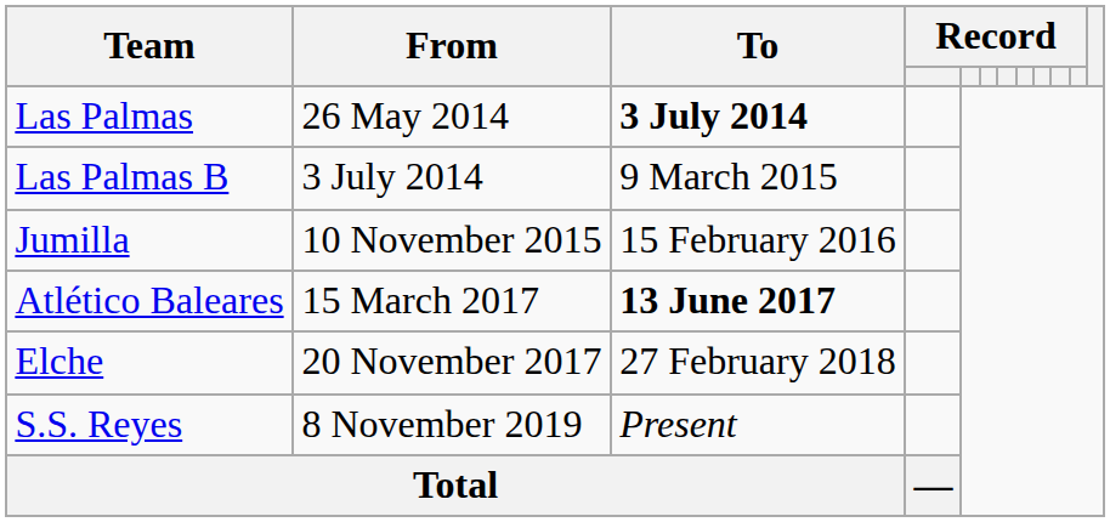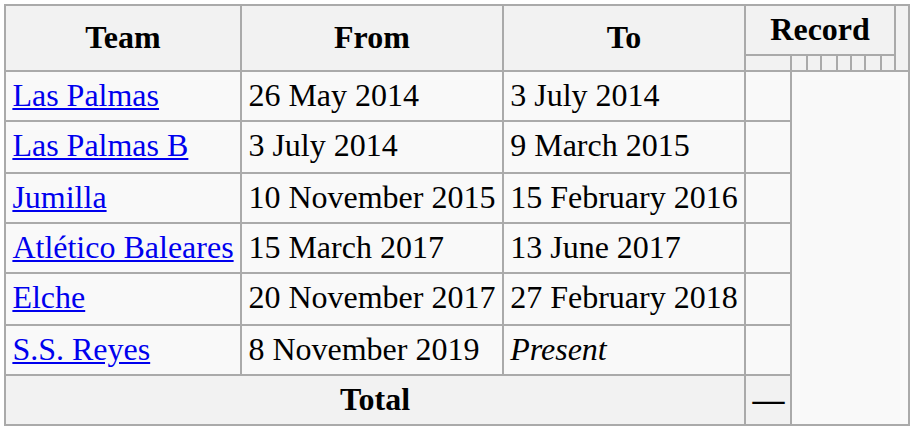 <table class="wikitable" style="text-align: center">
 <tr>
 <th rowspan="2">Team</th>
 <th rowspan="2">From</th>
 <th rowspan="2">To</th>
 <th colspan="8">Record</th>
 <th rowspan=2></th>
 </tr>
 <tr>
 <th></th>
 <th></th>
 <th></th>
 <th></th>
 <th></th>
 <th></th>
 <th></th>
 <th></th>
 </tr>
 <tr>
 <td align=left><a href='#'>Las Palmas</a></td>
 <td align=left>26 May 2014</td>
-<td align=left><strong>3 July 2014<br></strong></td>
+<td align=left>3 July 2014<br></td>
 <td></td>
 </tr>
 <tr>
 <td align=left><a href='#'>Las Palmas B</a></td>
 <td align=left>3 July 2014</td>
 <td align=left>9 March 2015<br></td>
 <td></td>
 </tr>
 <tr>
 <td align=left><a href='#'>Jumilla</a></td>
 <td align=left>10 November 2015</td>
 <td align=left>15 February 2016<br></td>
 <td></td>
 </tr>
 <tr>
 <td align=left><a href='#'>Atlético Baleares</a></td>
 <td align=left>15 March 2017</td>
-<td align=left><strong>13 June 2017<br></strong></td>
+<td align=left>13 June 2017<br></td>
 <td></td>
 </tr>
 <tr>
 <td align=left><a href='#'>Elche</a></td>
 <td align=left>20 November 2017</td>
 <td align=left>27 February 2018<br></td>
 <td></td>
 </tr>
 <tr>
 <td align=left><a href='#'>S.S. Reyes</a></td>
 <td align=left>8 November 2019</td>
 <td align=left><em>Present</em><br></td>
 <td></td>
 </tr>
 <tr>
 <th colspan="3">Total<br></th>
 <th>—</th>
 </tr>
 </table>
